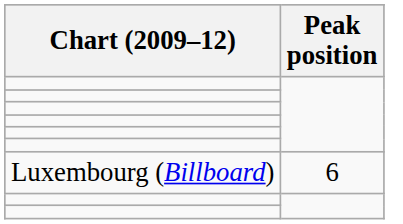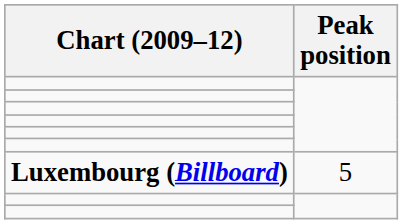 <table class="wikitable sortable">
 <tr>
 <th>Chart (2009–12)</th>
 <th>Peak<br>position</th>
 </tr>
 <tr>
 <td></td>
 </tr>
 <tr>
 <td></td>
 </tr>
 <tr>
 <td></td>
 </tr>
 <tr>
 <td></td>
 </tr>
 <tr>
 <td></td>
 </tr>
 <tr>
 <td></td>
 </tr>
 <tr>
-<td>Luxembourg (<em><a href='#'>Billboard</a></em>)</td>
-<td style="text-align:center;">6</td>
+<td><strong>Luxembourg (<em><a href='#'>Billboard</a></em>)</strong></td>
+<td style="text-align:center;">5</td>
 </tr>
 <tr>
 <td></td>
 </tr>
 <tr>
 <td></td>
 </tr>
 </table>
